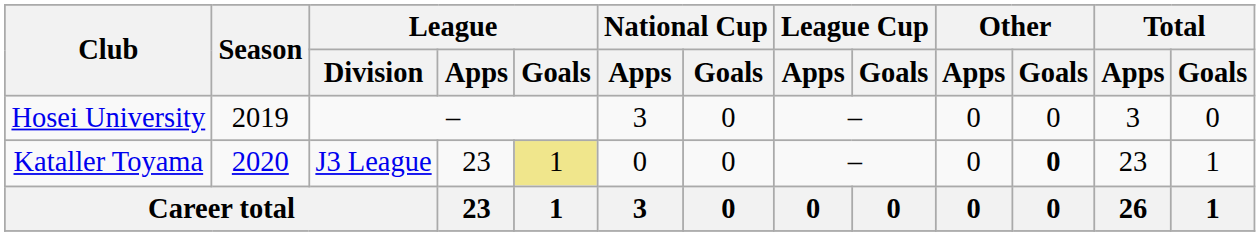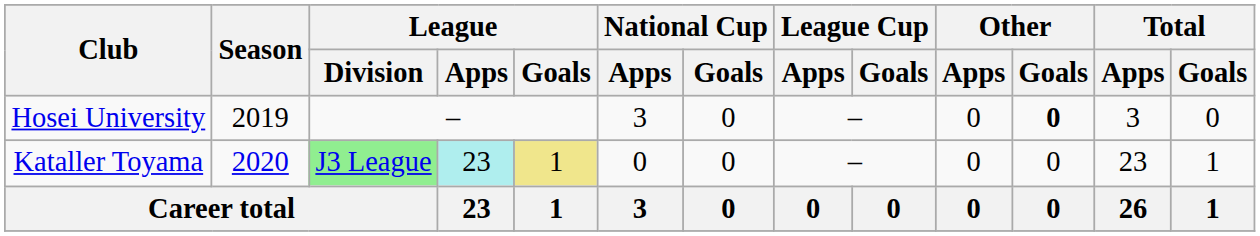 <table class="wikitable" style="text-align: center">
 <tr>
 <th rowspan="2">Club</th>
 <th rowspan="2">Season</th>
 <th colspan="3">League</th>
 <th colspan="2">National Cup</th>
 <th colspan="2">League Cup</th>
 <th colspan="2">Other</th>
 <th colspan="2">Total</th>
 </tr>
 <tr>
 <th>Division</th>
 <th>Apps</th>
 <th>Goals</th>
 <th>Apps</th>
 <th>Goals</th>
 <th>Apps</th>
 <th>Goals</th>
 <th>Apps</th>
 <th>Goals</th>
 <th>Apps</th>
 <th>Goals</th>
 </tr>
 <tr>
 <td><a href='#'>Hosei University</a></td>
 <td>2019</td>
 <td colspan="3">–</td>
 <td>3</td>
 <td>0</td>
 <td colspan="2">–</td>
 <td>0</td>
-<td>0</td>
+<td><strong>0</strong></td>
 <td>3</td>
 <td>0</td>
 </tr>
 <tr>
 <td><a href='#'>Kataller Toyama</a></td>
 <td><a href='#'>2020</a></td>
-<td><a href='#'>J3 League</a></td>
-<td>23</td>
+<td style="background: lightgreen;"><a href='#'>J3 League</a></td>
+<td style="background: paleturquoise;">23</td>
 <td style="background: khaki;">1</td>
 <td>0</td>
 <td>0</td>
 <td colspan="2">–</td>
 <td>0</td>
-<td><strong>0</strong></td>
+<td>0</td>
 <td>23</td>
 <td>1</td>
 </tr>
 <tr>
 <th colspan=3>Career total</th>
 <th>23</th>
 <th>1</th>
 <th>3</th>
 <th>0</th>
 <th>0</th>
 <th>0</th>
 <th>0</th>
 <th>0</th>
 <th>26</th>
 <th>1</th>
 </tr>
 </table>
